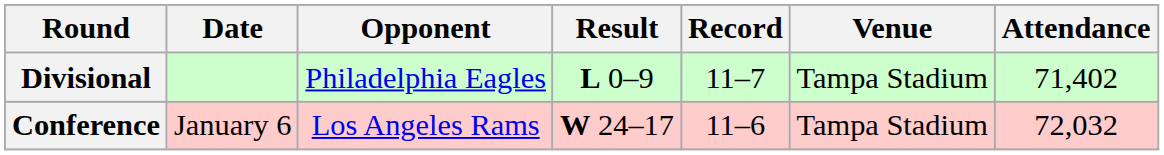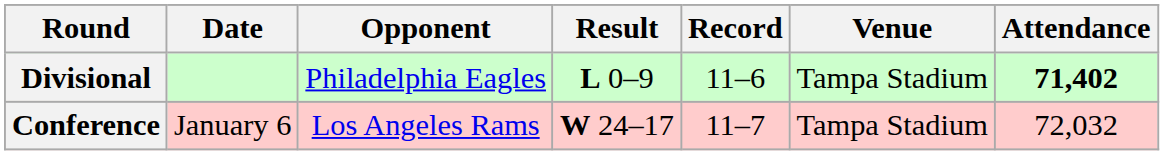 <table class="wikitable" style="text-align:center">
 <tr>
 <th>Round</th>
 <th>Date</th>
 <th>Opponent</th>
 <th>Result</th>
 <th>Record</th>
 <th>Venue</th>
 <th>Attendance</th>
 </tr>
 <tr style="background:#cfc;">
 <th>Divisional</th>
 <td></td>
 <td><a href='#'>Philadelphia Eagles</a></td>
 <td><strong>L</strong> 0–9</td>
-<td>11–7</td>
+<td>11–6</td>
 <td>Tampa Stadium</td>
-<td>71,402</td>
+<td><strong>71,402</strong></td>
 </tr>
 <tr style="background:#fcc;">
 <th>Conference</th>
 <td>January 6</td>
 <td><a href='#'>Los Angeles Rams</a></td>
 <td><strong>W</strong> 24–17</td>
-<td>11–6</td>
+<td>11–7</td>
 <td>Tampa Stadium</td>
 <td>72,032</td>
 </tr>
 </table>
